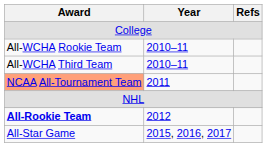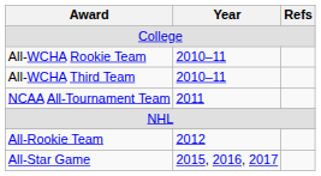 <table class="wikitable">
 <tr>
 <th>Award</th>
 <th>Year</th>
 <th>Refs</th>
 </tr>
 <tr ALIGN="center" bgcolor="#e0e0e0">
 <td colspan="3"><a href='#'>College</a></td>
 </tr>
 <tr>
 <td>All-<a href='#'>WCHA</a> <a href='#'>Rookie Team</a></td>
 <td><a href='#'>2010–11</a></td>
 <td></td>
 </tr>
 <tr>
 <td>All-<a href='#'>WCHA</a> <a href='#'>Third Team</a></td>
 <td><a href='#'>2010–11</a></td>
 <td></td>
 </tr>
 <tr>
-<td style="background: lightsalmon;"><a href='#'>NCAA</a> <a href='#'>All-Tournament Team</a></td>
+<td><a href='#'>NCAA</a> <a href='#'>All-Tournament Team</a></td>
 <td><a href='#'>2011</a></td>
 <td></td>
 </tr>
 <tr ALIGN="center" bgcolor="#e0e0e0">
 <td colspan="3"><a href='#'>NHL</a></td>
 </tr>
 <tr>
-<td><strong><a href='#'>All-Rookie Team</a></strong></td>
+<td><a href='#'>All-Rookie Team</a></td>
 <td><a href='#'>2012</a></td>
 <td></td>
 </tr>
 <tr>
 <td><a href='#'>All-Star Game</a></td>
 <td><a href='#'>2015</a>, <a href='#'>2016</a>, <a href='#'>2017</a></td>
 <td></td>
 </tr>
 </table>
